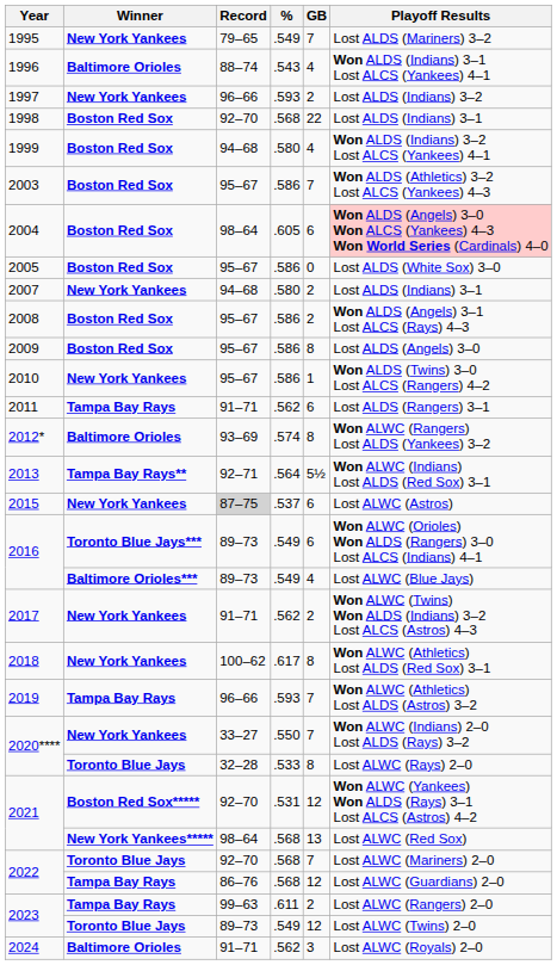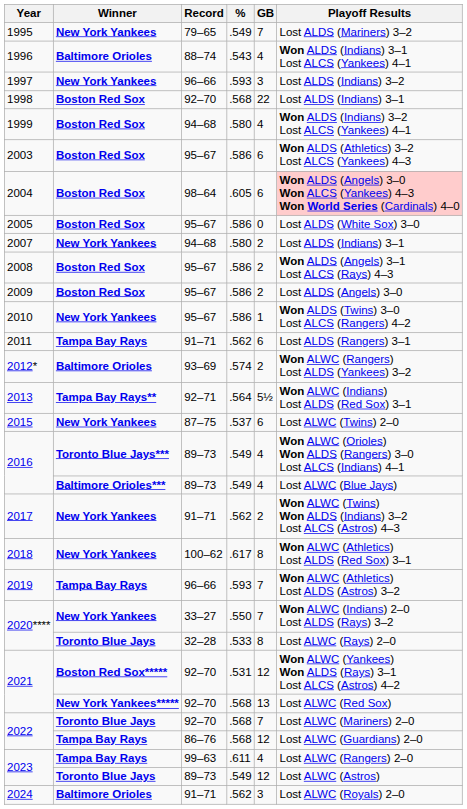 <table class="wikitable">
 <tr>
 <th>Year</th>
 <th>Winner</th>
 <th>Record</th>
 <th>%</th>
 <th>GB</th>
 <th>Playoff Results</th>
 </tr>
 <tr>
 <td>1995</td>
 <td><strong><a href='#'><span>New York Yankees</span></a></strong></td>
 <td>79–65</td>
 <td>.549</td>
 <td>7</td>
 <td>Lost <a href='#'>ALDS</a> (<a href='#'>Mariners</a>) 3–2</td>
 </tr>
 <tr>
 <td>1996</td>
 <td><strong><a href='#'><span>Baltimore Orioles</span></a></strong></td>
 <td>88–74</td>
 <td>.543</td>
 <td>4</td>
 <td><strong>Won</strong> <a href='#'>ALDS</a> (<a href='#'>Indians</a>) 3–1<br>Lost <a href='#'>ALCS</a> (<a href='#'>Yankees</a>) 4–1</td>
 </tr>
 <tr>
 <td>1997</td>
 <td><strong><a href='#'><span>New York Yankees</span></a></strong></td>
 <td>96–66</td>
 <td>.593</td>
-<td>2</td>
+<td>3</td>
 <td>Lost <a href='#'>ALDS</a> (<a href='#'>Indians</a>) 3–2</td>
 </tr>
 <tr>
 <td>1998</td>
 <td><strong><a href='#'><span>Boston Red Sox</span></a></strong></td>
 <td>92–70</td>
 <td>.568</td>
 <td>22</td>
 <td>Lost <a href='#'>ALDS</a> (<a href='#'>Indians</a>) 3–1</td>
 </tr>
 <tr>
 <td>1999</td>
 <td><strong><a href='#'><span>Boston Red Sox</span></a></strong></td>
 <td>94–68</td>
 <td>.580</td>
 <td>4</td>
 <td><strong>Won</strong> <a href='#'>ALDS</a> (<a href='#'>Indians</a>) 3–2<br>Lost <a href='#'>ALCS</a> (<a href='#'>Yankees</a>) 4–1</td>
 </tr>
 <tr>
 <td>2003</td>
 <td><strong><a href='#'><span>Boston Red Sox</span></a></strong></td>
 <td>95–67</td>
 <td>.586</td>
-<td>7</td>
+<td>6</td>
 <td><strong>Won</strong> <a href='#'>ALDS</a> (<a href='#'>Athletics</a>) 3–2<br>Lost <a href='#'>ALCS</a> (<a href='#'>Yankees</a>) 4–3</td>
 </tr>
 <tr>
 <td>2004</td>
 <td><strong><a href='#'><span>Boston Red Sox</span></a></strong></td>
 <td>98–64</td>
 <td>.605</td>
 <td>6</td>
 <td bgcolor="#ffcccc"><strong>Won</strong> <a href='#'>ALDS</a> (<a href='#'>Angels</a>) 3–0<br><strong>Won</strong> <a href='#'>ALCS</a> (<a href='#'>Yankees</a>) 4–3<br><strong>Won <a href='#'>World Series</a></strong> (<a href='#'>Cardinals</a>) 4–0</td>
 </tr>
 <tr>
 <td>2005</td>
 <td><strong><a href='#'><span>Boston Red Sox</span></a></strong></td>
 <td>95–67</td>
 <td>.586</td>
 <td>0</td>
 <td>Lost <a href='#'>ALDS</a> (<a href='#'>White Sox</a>) 3–0</td>
 </tr>
 <tr>
 <td>2007</td>
 <td><strong><a href='#'><span>New York Yankees</span></a></strong></td>
 <td>94–68</td>
 <td>.580</td>
 <td>2</td>
 <td>Lost <a href='#'>ALDS</a> (<a href='#'>Indians</a>) 3–1</td>
 </tr>
 <tr>
 <td>2008</td>
 <td><strong><a href='#'><span>Boston Red Sox</span></a></strong></td>
 <td>95–67</td>
 <td>.586</td>
 <td>2</td>
 <td><strong>Won</strong> <a href='#'>ALDS</a> (<a href='#'>Angels</a>) 3–1<br>Lost <a href='#'>ALCS</a> (<a href='#'>Rays</a>) 4–3</td>
 </tr>
 <tr>
 <td>2009</td>
 <td><strong><a href='#'><span>Boston Red Sox</span></a></strong></td>
 <td>95–67</td>
 <td>.586</td>
-<td>8</td>
+<td>2</td>
 <td>Lost <a href='#'>ALDS</a> (<a href='#'>Angels</a>) 3–0</td>
 </tr>
 <tr>
 <td>2010</td>
 <td><strong><a href='#'><span>New York Yankees</span></a></strong></td>
 <td>95–67</td>
 <td>.586</td>
 <td>1</td>
 <td><strong>Won</strong> <a href='#'>ALDS</a> (<a href='#'>Twins</a>) 3–0<br>Lost <a href='#'>ALCS</a> (<a href='#'>Rangers</a>) 4–2</td>
 </tr>
 <tr>
 <td>2011</td>
 <td><strong><a href='#'><span>Tampa Bay Rays</span></a></strong></td>
 <td>91–71</td>
 <td>.562</td>
 <td>6</td>
 <td>Lost <a href='#'>ALDS</a> (<a href='#'>Rangers</a>) 3–1</td>
 </tr>
 <tr>
 <td><a href='#'>2012</a>*</td>
 <td><strong><a href='#'><span>Baltimore Orioles</span></a></strong></td>
 <td>93–69</td>
 <td>.574</td>
-<td>8</td>
+<td>2</td>
 <td><strong>Won</strong> <a href='#'>ALWC</a> (<a href='#'>Rangers</a>)<br>Lost <a href='#'>ALDS</a> (<a href='#'>Yankees</a>) 3–2</td>
 </tr>
 <tr>
 <td><a href='#'>2013</a></td>
 <td><strong><a href='#'><span>Tampa Bay Rays**</span></a></strong></td>
 <td>92–71</td>
 <td>.564</td>
 <td>5½</td>
 <td><strong>Won</strong> <a href='#'>ALWC</a> (<a href='#'>Indians</a>)<br>Lost <a href='#'>ALDS</a> (<a href='#'>Red Sox</a>) 3–1</td>
 </tr>
 <tr>
 <td><a href='#'>2015</a></td>
 <td><strong><a href='#'><span>New York Yankees</span></a></strong></td>
-<td style="background: lightgrey;">87–75</td>
+<td>87–75</td>
 <td>.537</td>
 <td>6</td>
-<td>Lost <a href='#'>ALWC</a> (<a href='#'>Astros</a>)</td>
+<td>Lost <a href='#'>ALWC</a> (<a href='#'>Twins</a>) 2–0</td>
 </tr>
 <tr>
 <td rowspan=2><a href='#'>2016</a></td>
 <td><strong><a href='#'><span>Toronto Blue Jays***</span></a></strong></td>
 <td>89–73</td>
 <td>.549</td>
-<td>6</td>
+<td>4</td>
 <td><strong>Won</strong> <a href='#'>ALWC</a> (<a href='#'>Orioles</a>)<br><strong>Won</strong> <a href='#'>ALDS</a> (<a href='#'>Rangers</a>) 3–0<br>Lost <a href='#'>ALCS</a> (<a href='#'>Indians</a>) 4–1</td>
 </tr>
 <tr>
 <td><strong><a href='#'><span>Baltimore Orioles***</span></a></strong></td>
 <td>89–73</td>
 <td>.549</td>
 <td>4</td>
 <td>Lost <a href='#'>ALWC</a> (<a href='#'>Blue Jays</a>)</td>
 </tr>
 <tr>
 <td><a href='#'>2017</a></td>
 <td><strong><a href='#'><span>New York Yankees</span></a></strong></td>
 <td>91–71</td>
 <td>.562</td>
 <td>2</td>
 <td><strong>Won</strong> <a href='#'>ALWC</a> (<a href='#'>Twins</a>)<br><strong>Won</strong> <a href='#'>ALDS</a> (<a href='#'>Indians</a>) 3–2<br>Lost <a href='#'>ALCS</a> (<a href='#'>Astros</a>) 4–3</td>
 </tr>
 <tr>
 <td><a href='#'>2018</a></td>
 <td><strong><a href='#'><span>New York Yankees</span></a></strong></td>
 <td>100–62</td>
 <td>.617</td>
 <td>8</td>
 <td><strong>Won</strong> <a href='#'>ALWC</a> (<a href='#'>Athletics</a>)<br>Lost <a href='#'>ALDS</a> (<a href='#'>Red Sox</a>) 3–1</td>
 </tr>
 <tr>
 <td><a href='#'>2019</a></td>
 <td><strong><a href='#'><span>Tampa Bay Rays</span></a></strong></td>
 <td>96–66</td>
 <td>.593</td>
 <td>7</td>
 <td><strong>Won</strong> <a href='#'>ALWC</a> (<a href='#'>Athletics</a>)<br>Lost <a href='#'>ALDS</a> (<a href='#'>Astros</a>) 3–2</td>
 </tr>
 <tr>
 <td rowspan=2><a href='#'>2020</a>****</td>
 <td><strong><a href='#'><span>New York Yankees</span></a></strong></td>
 <td>33–27</td>
 <td>.550</td>
 <td>7</td>
 <td><strong>Won</strong> <a href='#'>ALWC</a> (<a href='#'>Indians</a>) 2–0<br>Lost <a href='#'>ALDS</a> (<a href='#'>Rays</a>) 3–2</td>
 </tr>
 <tr>
 <td><strong><a href='#'><span>Toronto Blue Jays</span></a></strong></td>
 <td>32–28</td>
 <td>.533</td>
 <td>8</td>
 <td>Lost <a href='#'>ALWC</a> (<a href='#'>Rays</a>) 2–0</td>
 </tr>
 <tr>
 <td rowspan=2><a href='#'>2021</a></td>
 <td><strong><a href='#'><span>Boston Red Sox*****</span></a></strong></td>
 <td>92–70</td>
 <td>.531</td>
 <td>12</td>
 <td><strong>Won</strong> <a href='#'>ALWC</a> (<a href='#'>Yankees</a>)<br><strong>Won</strong> <a href='#'>ALDS</a> (<a href='#'>Rays</a>) 3–1<br>Lost <a href='#'>ALCS</a> (<a href='#'>Astros</a>) 4–2</td>
 </tr>
 <tr>
 <td><strong><a href='#'><span>New York Yankees*****</span></a></strong></td>
-<td>98–64</td>
+<td>92–70</td>
 <td>.568</td>
 <td>13</td>
 <td>Lost <a href='#'>ALWC</a> (<a href='#'>Red Sox</a>)</td>
 </tr>
 <tr>
 <td rowspan=2><a href='#'>2022</a></td>
 <td><strong><a href='#'><span>Toronto Blue Jays</span></a></strong></td>
 <td>92–70</td>
 <td>.568</td>
 <td>7</td>
 <td>Lost <a href='#'>ALWC</a> (<a href='#'>Mariners</a>) 2–0</td>
 </tr>
 <tr>
 <td><strong><a href='#'><span>Tampa Bay Rays</span></a></strong></td>
 <td>86–76</td>
 <td>.568</td>
 <td>12</td>
 <td>Lost <a href='#'>ALWC</a> (<a href='#'>Guardians</a>) 2–0</td>
 </tr>
 <tr>
 <td rowspan=2><a href='#'>2023</a></td>
 <td><strong><a href='#'><span>Tampa Bay Rays</span></a></strong></td>
 <td>99–63</td>
 <td>.611</td>
-<td>2</td>
+<td>4</td>
 <td>Lost <a href='#'>ALWC</a> (<a href='#'>Rangers</a>) 2–0</td>
 </tr>
 <tr>
 <td><strong><a href='#'><span>Toronto Blue Jays</span></a></strong></td>
 <td>89–73</td>
 <td>.549</td>
 <td>12</td>
-<td>Lost <a href='#'>ALWC</a> (<a href='#'>Twins</a>) 2–0</td>
+<td>Lost <a href='#'>ALWC</a> (<a href='#'>Astros</a>)</td>
 </tr>
 <tr>
 <td rowspan=1><a href='#'>2024</a></td>
 <td><strong><a href='#'><span>Baltimore Orioles</span></a></strong></td>
 <td>91–71</td>
 <td>.562</td>
 <td>3</td>
 <td>Lost <a href='#'>ALWC</a> (<a href='#'>Royals</a>) 2–0</td>
 </tr>
 </table>
